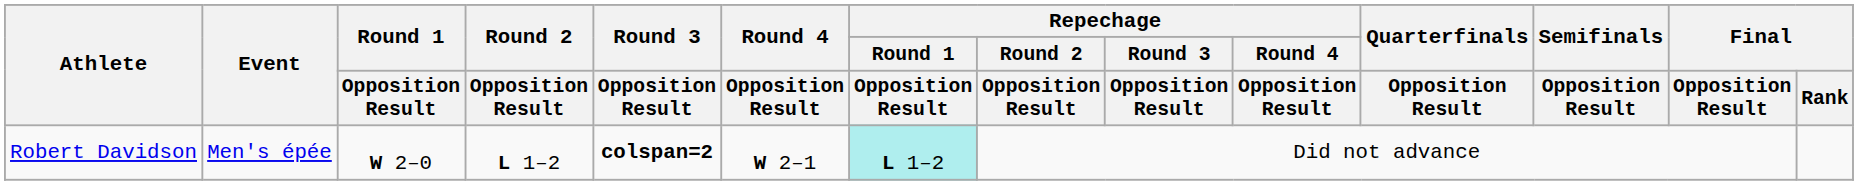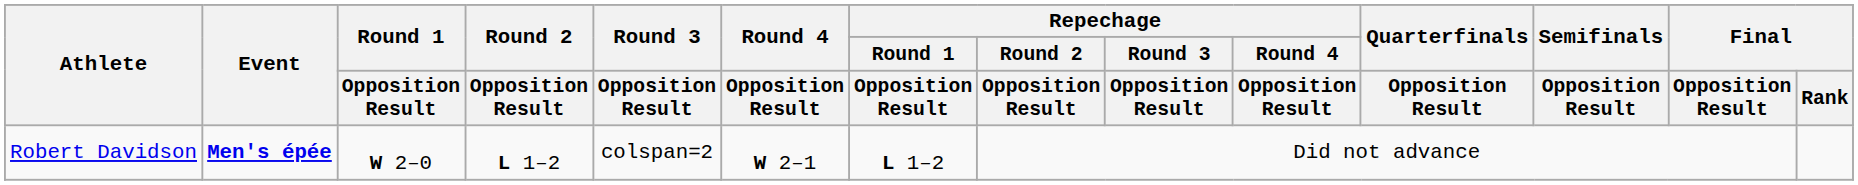 <table class="wikitable" style="font-size:85%">
 <tr>
 <th rowspan="3">Athlete</th>
 <th rowspan="3">Event</th>
 <th rowspan="2">Round 1</th>
 <th rowspan="2">Round 2</th>
 <th rowspan="2">Round 3</th>
 <th rowspan="2">Round 4</th>
 <th colspan=4>Repechage</th>
 <th rowspan="2">Quarterfinals</th>
 <th rowspan="2">Semifinals</th>
 <th rowspan="2" colspan=2>Final</th>
 </tr>
 <tr style="font-size:95%">
 <th>Round 1</th>
 <th>Round 2</th>
 <th>Round 3</th>
 <th>Round 4</th>
 </tr>
 <tr style="font-size:95%">
 <th>Opposition<br>Result</th>
 <th>Opposition<br>Result</th>
 <th>Opposition<br>Result</th>
 <th>Opposition<br>Result</th>
 <th>Opposition<br>Result</th>
 <th>Opposition<br>Result</th>
 <th>Opposition<br>Result</th>
 <th>Opposition<br>Result</th>
 <th>Opposition<br>Result</th>
 <th>Opposition<br>Result</th>
 <th>Opposition<br>Result</th>
 <th>Rank</th>
 </tr>
 <tr align=center>
 <td align=left><a href='#'>Robert Davidson</a></td>
-<td align=left><a href='#'>Men's épée</a></td>
+<td align=left><strong><a href='#'>Men's épée</a></strong></td>
 <td><br><strong>W</strong> 2–0</td>
 <td><br><strong>L</strong> 1–2</td>
-<td><strong>colspan=2</strong></td>
+<td>colspan=2</td>
 <td><br><strong>W</strong> 2–1</td>
-<td style="background: paleturquoise;"><br><strong>L</strong> 1–2</td>
+<td><br><strong>L</strong> 1–2</td>
 <td colspan=6>Did not advance</td>
 </tr>
 </table>
